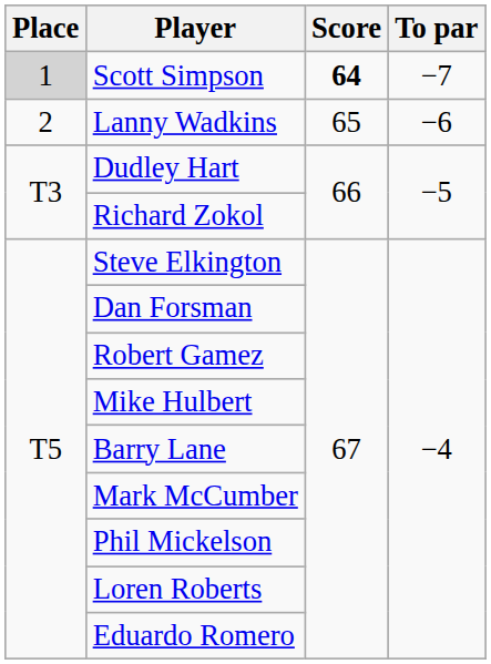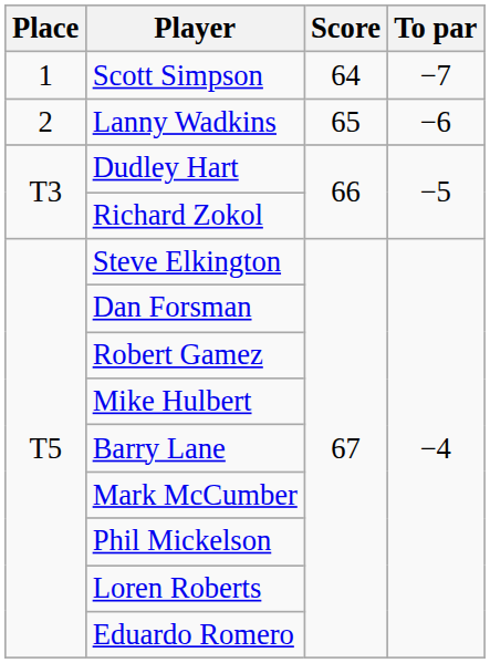 <table class="wikitable">
 <tr>
 <th>Place</th>
 <th>Player</th>
 <th>Score</th>
 <th>To par</th>
 </tr>
 <tr>
-<td align=center style="background: lightgrey;">1</td>
+<td align=center>1</td>
 <td> <a href='#'>Scott Simpson</a></td>
-<td align=center><strong>64</strong></td>
+<td align=center>64</td>
 <td align=center>−7</td>
 </tr>
 <tr>
 <td align=center>2</td>
 <td> <a href='#'>Lanny Wadkins</a></td>
 <td align=center>65</td>
 <td align=center>−6</td>
 </tr>
 <tr>
 <td rowspan="2" align=center>T3</td>
 <td> <a href='#'>Dudley Hart</a></td>
 <td rowspan="2" align=center>66</td>
 <td rowspan="2" align=center>−5</td>
 </tr>
 <tr>
 <td> <a href='#'>Richard Zokol</a></td>
 </tr>
 <tr>
 <td rowspan="9" align=center>T5</td>
 <td> <a href='#'>Steve Elkington</a></td>
 <td rowspan="9" align=center>67</td>
 <td rowspan="9" align=center>−4</td>
 </tr>
 <tr>
 <td> <a href='#'>Dan Forsman</a></td>
 </tr>
 <tr>
 <td> <a href='#'>Robert Gamez</a></td>
 </tr>
 <tr>
 <td> <a href='#'>Mike Hulbert</a></td>
 </tr>
 <tr>
 <td> <a href='#'>Barry Lane</a></td>
 </tr>
 <tr>
 <td> <a href='#'>Mark McCumber</a></td>
 </tr>
 <tr>
 <td> <a href='#'>Phil Mickelson</a></td>
 </tr>
 <tr>
 <td> <a href='#'>Loren Roberts</a></td>
 </tr>
 <tr>
 <td> <a href='#'>Eduardo Romero</a></td>
 </tr>
 </table>
